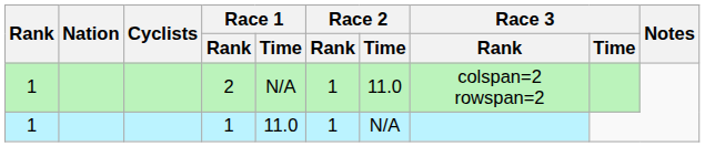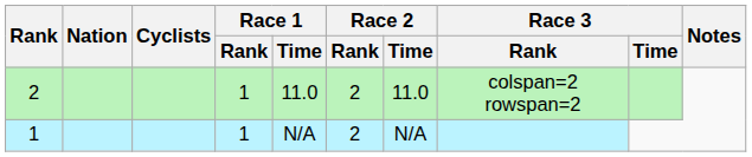 <table class="wikitable sortable" style="text-align:center">
 <tr>
 <th rowspan=2>Rank</th>
 <th rowspan=2>Nation</th>
 <th rowspan=2>Cyclists</th>
 <th colspan=2>Race 1</th>
 <th colspan=2>Race 2</th>
 <th colspan=2>Race 3</th>
 <th rowspan=2>Notes</th>
 </tr>
 <tr>
 <th>Rank</th>
 <th>Time</th>
 <th>Rank</th>
 <th>Time</th>
 <th>Rank</th>
 <th>Time</th>
 </tr>
 <tr bgcolor=bbf3bb>
-<td>1</td>
+<td>2</td>
 <td align=left></td>
 <td align=left></td>
+<td>1</td>
+<td>11.0</td>
 <td>2</td>
-<td>N/A</td>
-<td>1</td>
 <td>11.0</td>
 <td>colspan=2 rowspan=2 </td>
 <td></td>
 </tr>
 <tr bgcolor=bbf3ff>
 <td>1</td>
 <td align=left></td>
 <td align=left></td>
 <td>1</td>
-<td>11.0</td>
-<td>1</td>
+<td>N/A</td>
+<td>2</td>
 <td>N/A</td>
 <td></td>
 </tr>
 </table>
